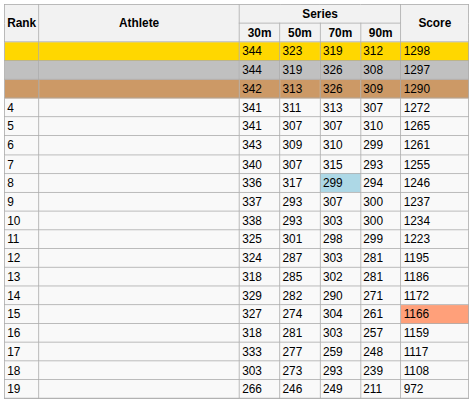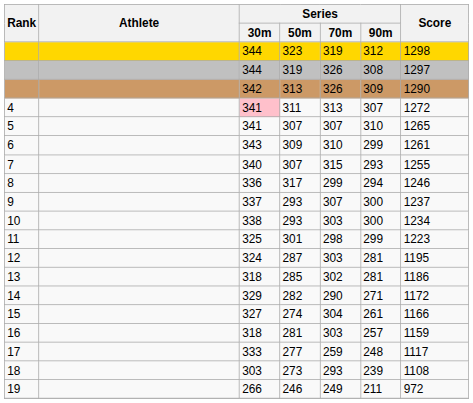 <table class="wikitable" style="font-size:95%" style="width:35em;" style="text-align:center">
 <tr>
 <th rowspan=2>Rank</th>
 <th rowspan=2 width=250>Athlete</th>
 <th colspan=4 width=200>Series</th>
 <th rowspan=2 width=80>Score</th>
 </tr>
 <tr>
 <th>30m</th>
 <th>50m</th>
 <th>70m</th>
 <th>90m</th>
 </tr>
 <tr bgcolor=gold>
 <td></td>
 <td align=left></td>
 <td>344</td>
 <td>323</td>
 <td>319</td>
 <td>312</td>
 <td>1298</td>
 </tr>
 <tr bgcolor=silver>
 <td></td>
 <td align=left></td>
 <td>344</td>
 <td>319</td>
 <td>326</td>
 <td>308</td>
 <td>1297</td>
 </tr>
 <tr bgcolor=cc9966>
 <td></td>
 <td align=left></td>
 <td>342</td>
 <td>313</td>
 <td>326</td>
 <td>309</td>
 <td>1290</td>
 </tr>
 <tr>
 <td>4</td>
 <td align=left></td>
-<td>341</td>
+<td style="background: pink;">341</td>
 <td>311</td>
 <td>313</td>
 <td>307</td>
 <td>1272</td>
 </tr>
 <tr>
 <td>5</td>
 <td align=left></td>
 <td>341</td>
 <td>307</td>
 <td>307</td>
 <td>310</td>
 <td>1265</td>
 </tr>
 <tr>
 <td>6</td>
 <td align=left></td>
 <td>343</td>
 <td>309</td>
 <td>310</td>
 <td>299</td>
 <td>1261</td>
 </tr>
 <tr>
 <td>7</td>
 <td align=left></td>
 <td>340</td>
 <td>307</td>
 <td>315</td>
 <td>293</td>
 <td>1255</td>
 </tr>
 <tr>
 <td>8</td>
 <td align=left></td>
 <td>336</td>
 <td>317</td>
-<td style="background: lightblue;">299</td>
+<td>299</td>
 <td>294</td>
 <td>1246</td>
 </tr>
 <tr>
 <td>9</td>
 <td align=left></td>
 <td>337</td>
 <td>293</td>
 <td>307</td>
 <td>300</td>
 <td>1237</td>
 </tr>
 <tr>
 <td>10</td>
 <td align=left></td>
 <td>338</td>
 <td>293</td>
 <td>303</td>
 <td>300</td>
 <td>1234</td>
 </tr>
 <tr>
 <td>11</td>
 <td align=left></td>
 <td>325</td>
 <td>301</td>
 <td>298</td>
 <td>299</td>
 <td>1223</td>
 </tr>
 <tr>
 <td>12</td>
 <td align=left></td>
 <td>324</td>
 <td>287</td>
 <td>303</td>
 <td>281</td>
 <td>1195</td>
 </tr>
 <tr>
 <td>13</td>
 <td align=left></td>
 <td>318</td>
 <td>285</td>
 <td>302</td>
 <td>281</td>
 <td>1186</td>
 </tr>
 <tr>
 <td>14</td>
 <td align=left></td>
 <td>329</td>
 <td>282</td>
 <td>290</td>
 <td>271</td>
 <td>1172</td>
 </tr>
 <tr>
 <td>15</td>
 <td align=left></td>
 <td>327</td>
 <td>274</td>
 <td>304</td>
 <td>261</td>
-<td style="background: lightsalmon;">1166</td>
+<td>1166</td>
 </tr>
 <tr>
 <td>16</td>
 <td align=left></td>
 <td>318</td>
 <td>281</td>
 <td>303</td>
 <td>257</td>
 <td>1159</td>
 </tr>
 <tr>
 <td>17</td>
 <td align=left></td>
 <td>333</td>
 <td>277</td>
 <td>259</td>
 <td>248</td>
 <td>1117</td>
 </tr>
 <tr>
 <td>18</td>
 <td align=left></td>
 <td>303</td>
 <td>273</td>
 <td>293</td>
 <td>239</td>
 <td>1108</td>
 </tr>
 <tr>
 <td>19</td>
 <td align=left></td>
 <td>266</td>
 <td>246</td>
 <td>249</td>
 <td>211</td>
 <td>972</td>
 </tr>
 <tr>
 </tr>
 </table>
